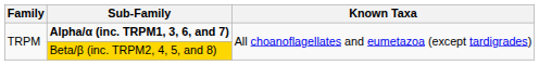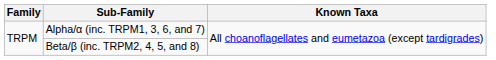 <table class="wikitable">
 <tr>
 <th>Family</th>
 <th>Sub-Family</th>
 <th>Known Taxa</th>
 </tr>
 <tr>
 <td rowspan="2">TRPM</td>
-<td><strong>Alpha/α (inc. TRPM1, 3, 6, and 7)</strong></td>
+<td>Alpha/α (inc. TRPM1, 3, 6, and 7)</td>
 <td rowspan="2">All <a href='#'>choanoflagellates</a> and <a href='#'>eumetazoa</a> (except <a href='#'>tardigrades</a>)</td>
 </tr>
 <tr>
-<td style="background: gold;">Beta/β (inc. TRPM2, 4, 5, and 8)</td>
+<td>Beta/β (inc. TRPM2, 4, 5, and 8)</td>
 </tr>
 </table>
